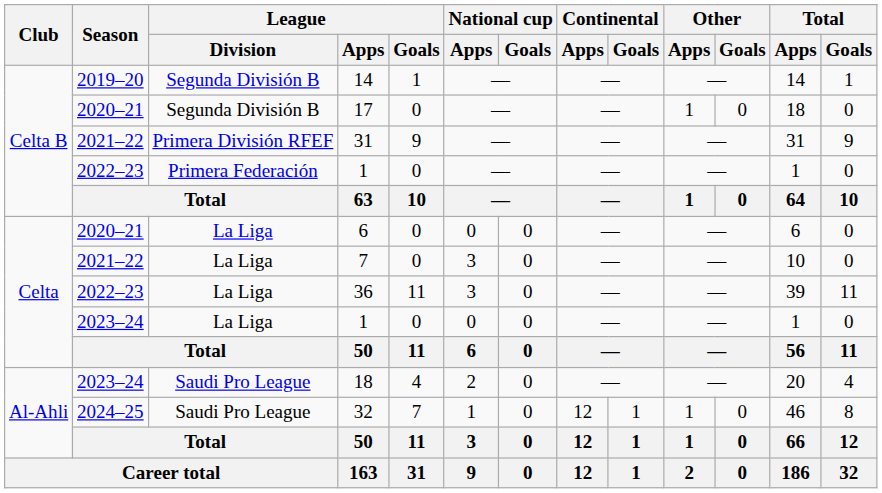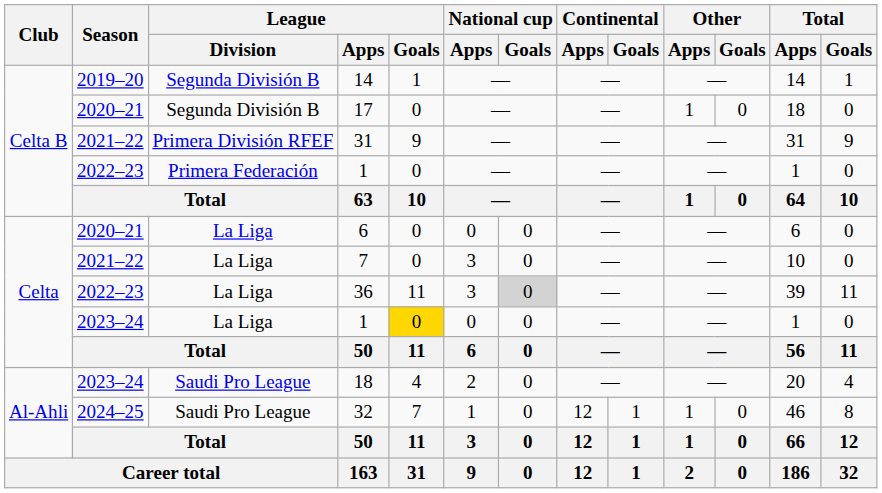 <table class="wikitable" style="text-align:center">
 <tr>
 <th rowspan="2">Club</th>
 <th rowspan="2">Season</th>
 <th colspan="3">League</th>
 <th colspan="2">National cup</th>
 <th colspan="2">Continental</th>
 <th colspan="2">Other</th>
 <th colspan="2">Total</th>
 </tr>
 <tr>
 <th>Division</th>
 <th>Apps</th>
 <th>Goals</th>
 <th>Apps</th>
 <th>Goals</th>
 <th>Apps</th>
 <th>Goals</th>
 <th>Apps</th>
 <th>Goals</th>
 <th>Apps</th>
 <th>Goals</th>
 </tr>
 <tr>
 <td rowspan="5"><a href='#'>Celta B</a></td>
 <td><a href='#'>2019–20</a></td>
 <td><a href='#'>Segunda División B</a></td>
 <td>14</td>
 <td>1</td>
 <td colspan="2">—</td>
 <td colspan="2">—</td>
 <td colspan="2">—</td>
 <td>14</td>
 <td>1</td>
 </tr>
 <tr>
 <td><a href='#'>2020–21</a></td>
 <td>Segunda División B</td>
 <td>17</td>
 <td>0</td>
 <td colspan="2">—</td>
 <td colspan="2">—</td>
 <td>1</td>
 <td>0</td>
 <td>18</td>
 <td>0</td>
 </tr>
 <tr>
 <td><a href='#'>2021–22</a></td>
 <td><a href='#'>Primera División RFEF</a></td>
 <td>31</td>
 <td>9</td>
 <td colspan="2">—</td>
 <td colspan="2">—</td>
 <td colspan="2">—</td>
 <td>31</td>
 <td>9</td>
 </tr>
 <tr>
 <td><a href='#'>2022–23</a></td>
 <td><a href='#'>Primera Federación</a></td>
 <td>1</td>
 <td>0</td>
 <td colspan="2">—</td>
 <td colspan="2">—</td>
 <td colspan="2">—</td>
 <td>1</td>
 <td>0</td>
 </tr>
 <tr>
 <th colspan="2">Total</th>
 <th>63</th>
 <th>10</th>
 <th colspan="2">—</th>
 <th colspan="2">—</th>
 <th>1</th>
 <th>0</th>
 <th>64</th>
 <th>10</th>
 </tr>
 <tr>
 <td rowspan="5"><a href='#'>Celta</a></td>
 <td><a href='#'>2020–21</a></td>
 <td><a href='#'>La Liga</a></td>
 <td>6</td>
 <td>0</td>
 <td>0</td>
 <td>0</td>
 <td colspan="2">—</td>
 <td colspan="2">—</td>
 <td>6</td>
 <td>0</td>
 </tr>
 <tr>
 <td><a href='#'>2021–22</a></td>
 <td>La Liga</td>
 <td>7</td>
 <td>0</td>
 <td>3</td>
 <td>0</td>
 <td colspan="2">—</td>
 <td colspan="2">—</td>
 <td>10</td>
 <td>0</td>
 </tr>
 <tr>
 <td><a href='#'>2022–23</a></td>
 <td>La Liga</td>
 <td>36</td>
 <td>11</td>
 <td>3</td>
-<td>0</td>
+<td style="background: lightgrey;">0</td>
 <td colspan="2">—</td>
 <td colspan="2">—</td>
 <td>39</td>
 <td>11</td>
 </tr>
 <tr>
 <td><a href='#'>2023–24</a></td>
 <td>La Liga</td>
 <td>1</td>
-<td>0</td>
+<td style="background: gold;">0</td>
 <td>0</td>
 <td>0</td>
 <td colspan="2">—</td>
 <td colspan="2">—</td>
 <td>1</td>
 <td>0</td>
 </tr>
 <tr>
 <th colspan="2">Total</th>
 <th>50</th>
 <th>11</th>
 <th>6</th>
 <th>0</th>
 <th colspan="2">—</th>
 <th colspan="2">—</th>
 <th>56</th>
 <th>11</th>
 </tr>
 <tr>
 <td rowspan="3"><a href='#'>Al-Ahli</a></td>
 <td><a href='#'>2023–24</a></td>
 <td><a href='#'>Saudi Pro League</a></td>
 <td>18</td>
 <td>4</td>
 <td>2</td>
 <td>0</td>
 <td colspan="2">—</td>
 <td colspan="2">—</td>
 <td>20</td>
 <td>4</td>
 </tr>
 <tr>
 <td><a href='#'>2024–25</a></td>
 <td>Saudi Pro League</td>
 <td>32</td>
 <td>7</td>
 <td>1</td>
 <td>0</td>
 <td>12</td>
 <td>1</td>
 <td>1</td>
 <td>0</td>
 <td>46</td>
 <td>8</td>
 </tr>
 <tr>
 <th colspan="2">Total</th>
 <th>50</th>
 <th>11</th>
 <th>3</th>
 <th>0</th>
 <th>12</th>
 <th>1</th>
 <th>1</th>
 <th>0</th>
 <th>66</th>
 <th>12</th>
 </tr>
 <tr>
 <th colspan="3">Career total</th>
 <th>163</th>
 <th>31</th>
 <th>9</th>
 <th>0</th>
 <th>12</th>
 <th>1</th>
 <th>2</th>
 <th>0</th>
 <th>186</th>
 <th>32</th>
 </tr>
 </table>
